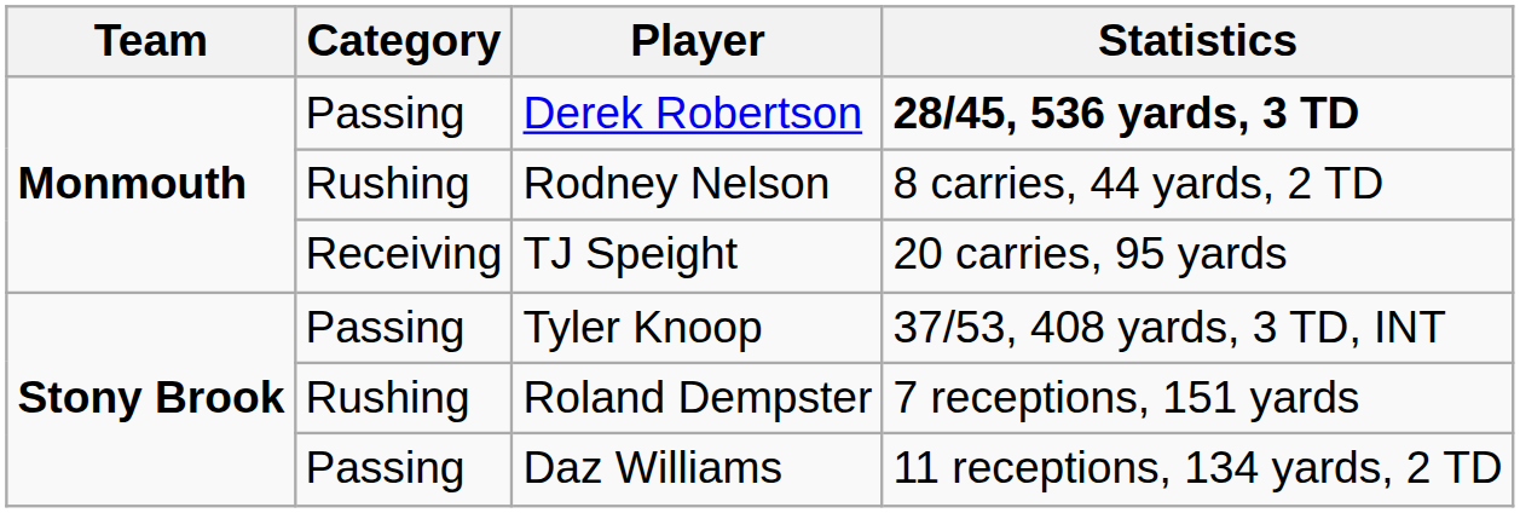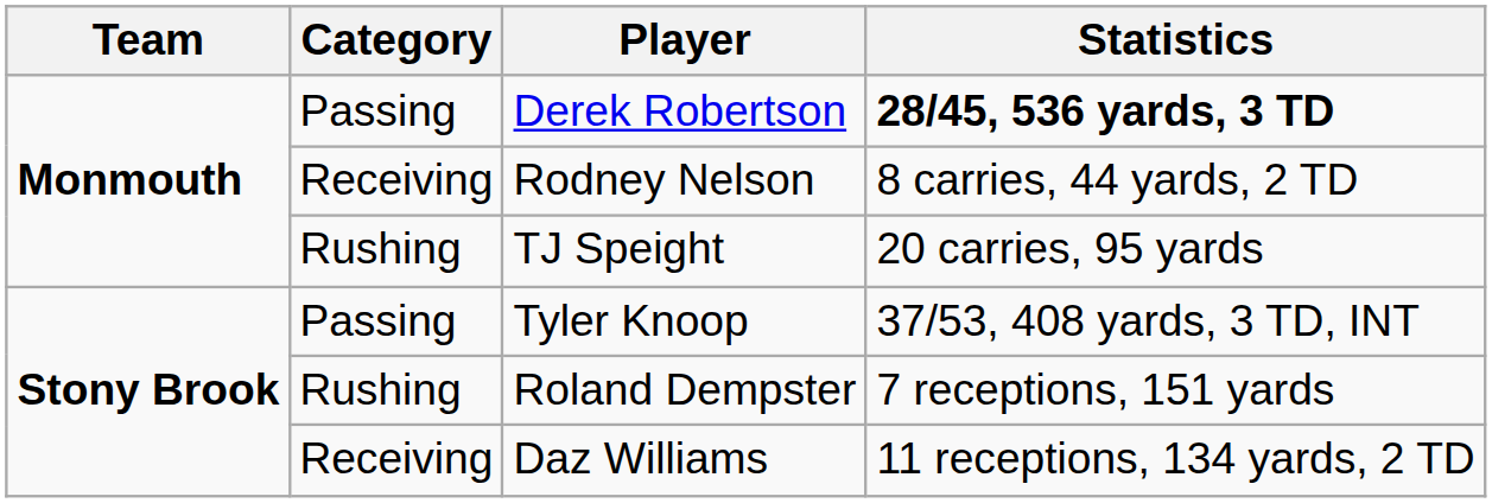 <table class="wikitable" style="float: right;">
 <tr>
 <th>Team</th>
 <th>Category</th>
 <th>Player</th>
 <th>Statistics</th>
 </tr>
 <tr>
 <td rowspan=3><strong>Monmouth</strong></td>
 <td>Passing</td>
 <td><a href='#'>Derek Robertson</a></td>
 <td><strong>28/45, 536 yards, 3 TD</strong></td>
 </tr>
 <tr>
-<td>Rushing</td>
+<td>Receiving</td>
 <td>Rodney Nelson</td>
 <td>8 carries, 44 yards, 2 TD</td>
 </tr>
 <tr>
-<td>Receiving</td>
+<td>Rushing</td>
 <td>TJ Speight</td>
 <td>20 carries, 95 yards</td>
 </tr>
 <tr>
 <td rowspan=3><strong>Stony Brook</strong></td>
 <td>Passing</td>
 <td>Tyler Knoop</td>
 <td>37/53, 408 yards, 3 TD, INT</td>
 </tr>
 <tr>
 <td>Rushing</td>
 <td>Roland Dempster</td>
 <td>7 receptions, 151 yards</td>
 </tr>
 <tr>
-<td>Passing</td>
+<td>Receiving</td>
 <td>Daz Williams</td>
 <td>11 receptions, 134 yards, 2 TD</td>
 </tr>
 </table>
